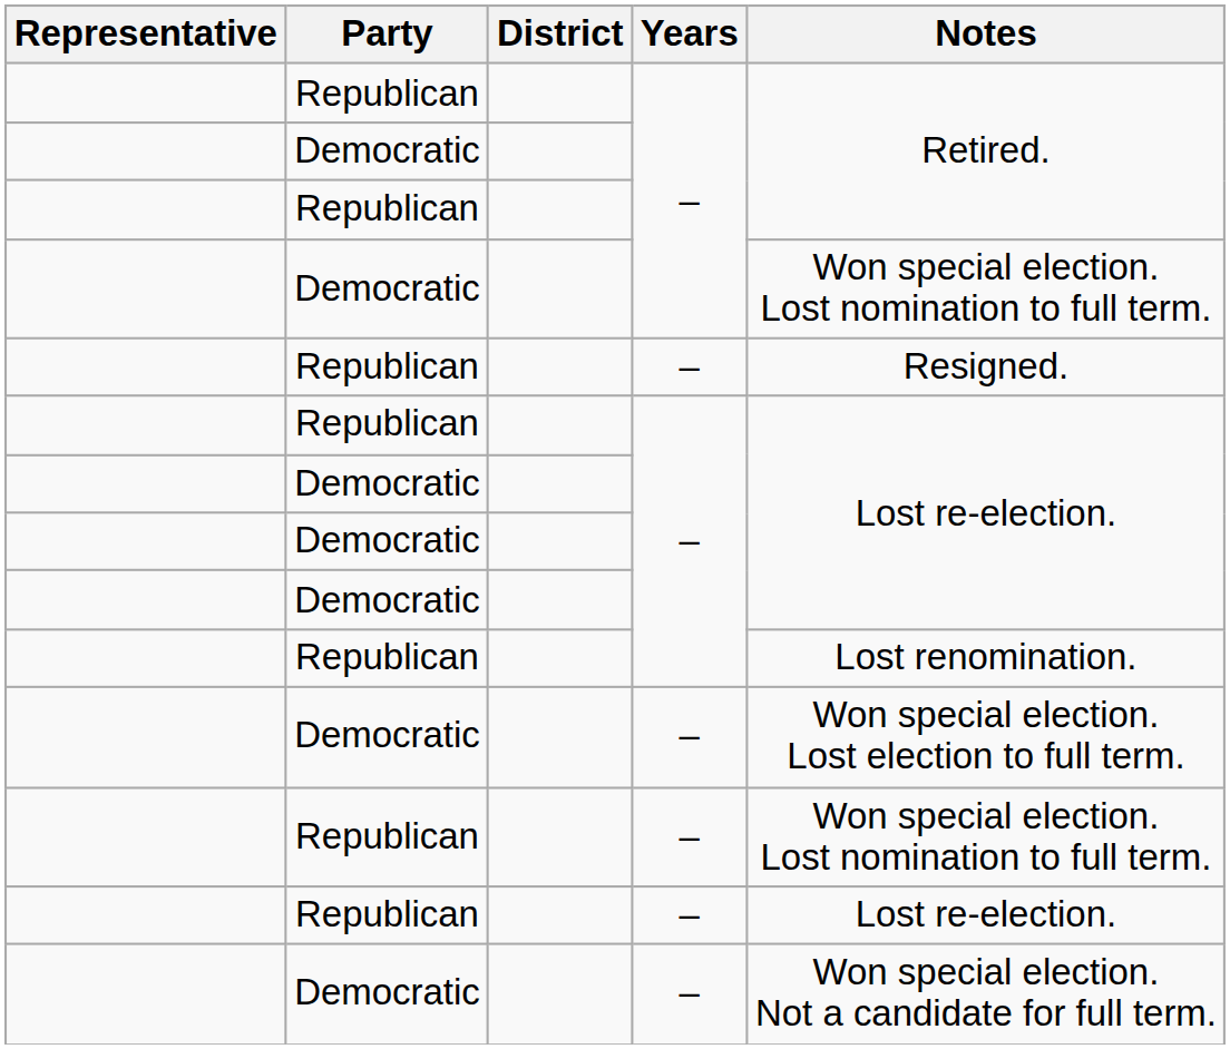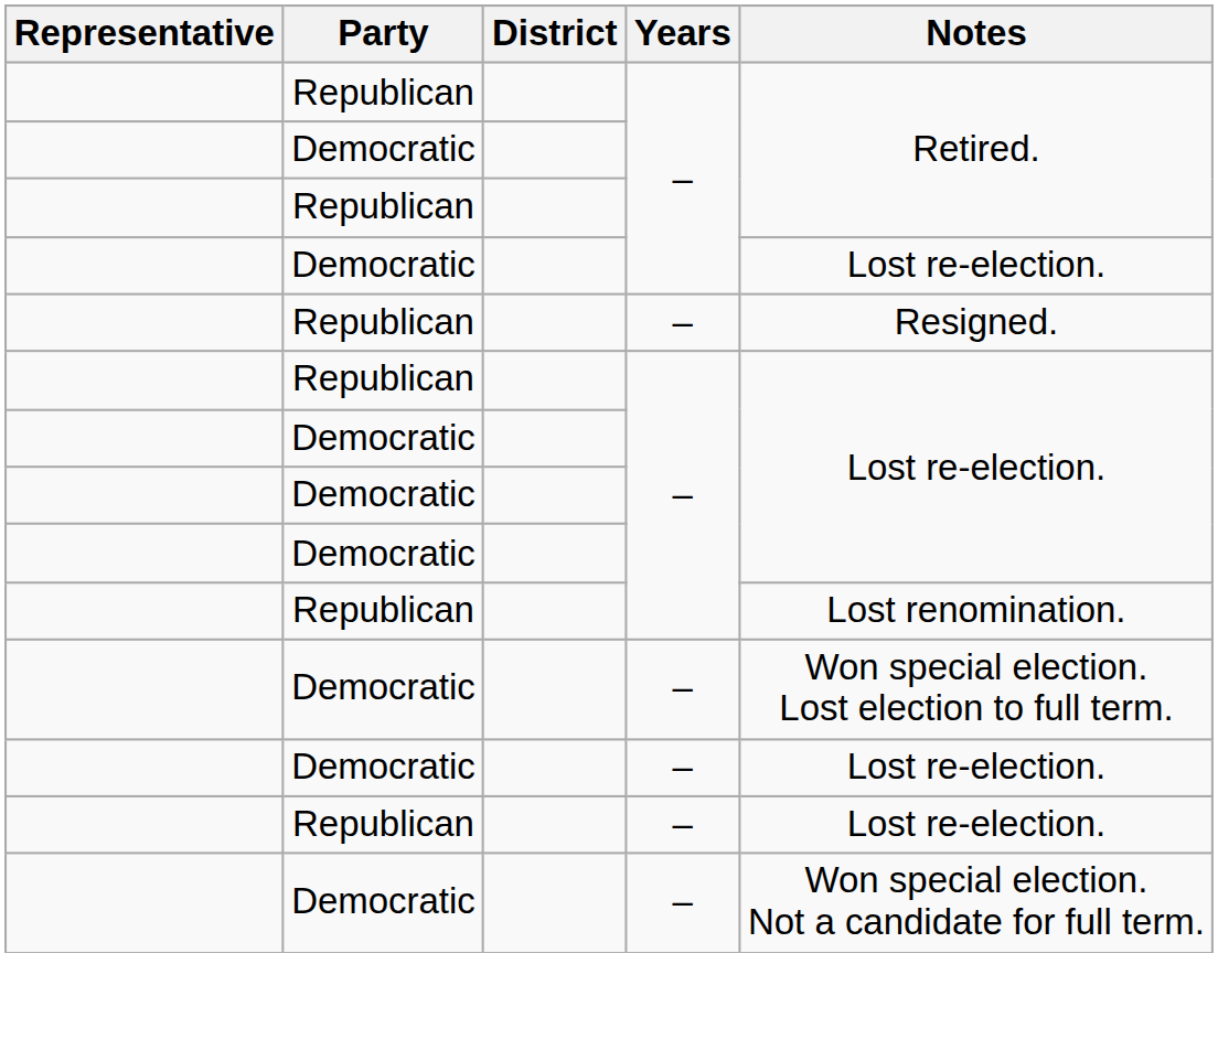 <table class="wikitable sortable" style="text-align:center">
 <tr valign=bottom>
 <th>Representative</th>
 <th>Party</th>
 <th>District</th>
 <th>Years</th>
 <th>Notes</th>
 </tr>
 <tr>
 <td align=left></td>
 <td>Republican</td>
 <td></td>
 <td rowspan="4" nowrap=""> –<br></td>
 <td rowspan="3">Retired.</td>
 </tr>
 <tr>
 <td align=left></td>
 <td>Democratic</td>
 <td></td>
 </tr>
 <tr>
 <td align=left></td>
 <td>Republican</td>
 <td></td>
 </tr>
 <tr>
 <td align=left></td>
 <td>Democratic</td>
 <td></td>
-<td>Won special election.<br>Lost nomination to full term.</td>
+<td>Lost re-election.</td>
 </tr>
 <tr>
 <td align=left></td>
 <td>Republican</td>
 <td></td>
 <td nowrap> –<br></td>
 <td>Resigned.</td>
 </tr>
 <tr>
 <td align=left></td>
 <td>Republican</td>
 <td></td>
 <td rowspan="5" nowrap=""> –<br></td>
 <td rowspan="4">Lost re-election.</td>
 </tr>
 <tr>
 <td align=left></td>
 <td>Democratic</td>
 <td></td>
 </tr>
 <tr>
 <td align=left></td>
 <td>Democratic</td>
 <td></td>
 </tr>
 <tr>
 <td align=left></td>
 <td>Democratic</td>
 <td></td>
 </tr>
 <tr>
 <td align=left></td>
 <td>Republican</td>
 <td></td>
 <td>Lost renomination.</td>
 </tr>
 <tr>
 <td align=left></td>
 <td>Democratic</td>
 <td></td>
 <td nowrap> –<br></td>
 <td>Won special election.<br>Lost election to full term.</td>
 </tr>
 <tr>
 <td align=left></td>
-<td>Republican</td>
+<td>Democratic</td>
 <td></td>
 <td nowrap> –<br></td>
-<td>Won special election.<br>Lost nomination to full term.</td>
+<td>Lost re-election.</td>
 </tr>
 <tr>
 <td align=left></td>
 <td>Republican</td>
 <td></td>
 <td nowrap> –<br></td>
 <td>Lost re-election.</td>
 </tr>
 <tr>
 <td align=left></td>
 <td>Democratic</td>
 <td></td>
 <td nowrap> –<br></td>
 <td>Won special election.<br>Not a candidate for full term.</td>
 </tr>
 </table>
